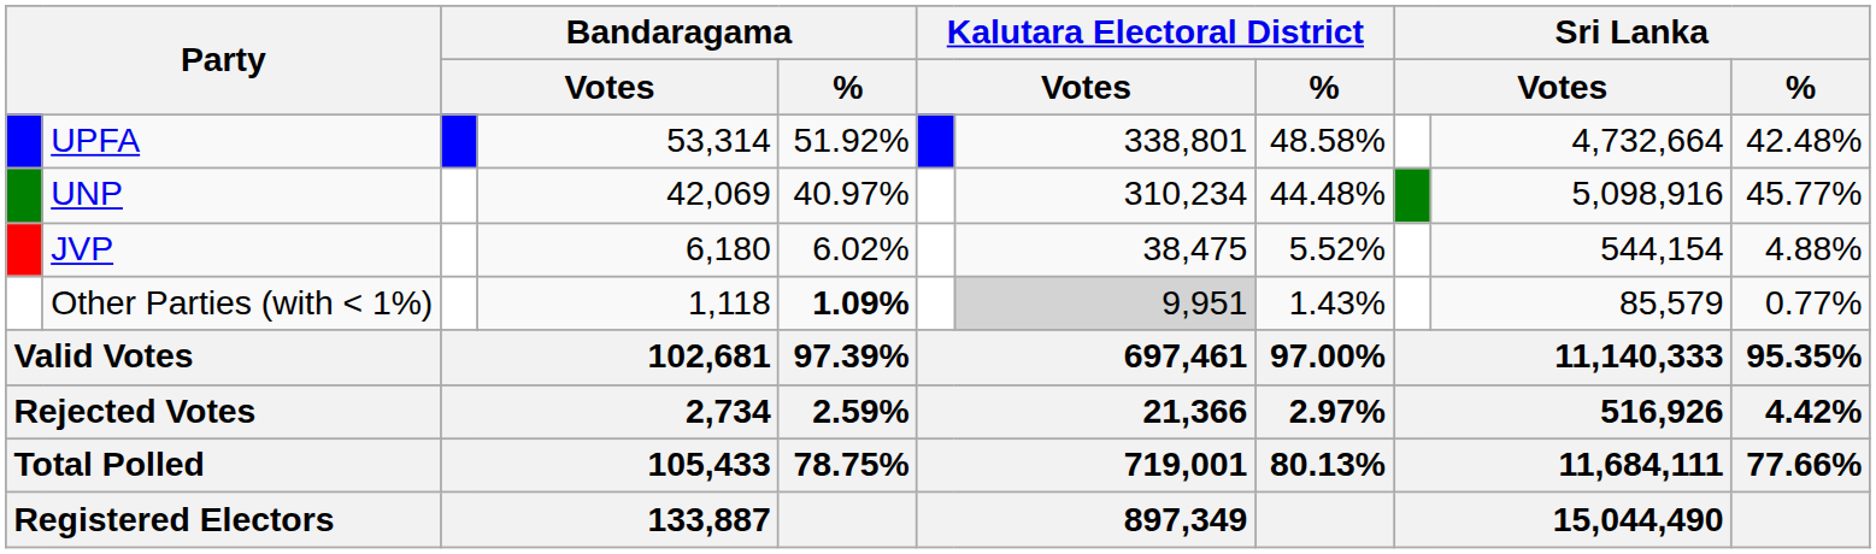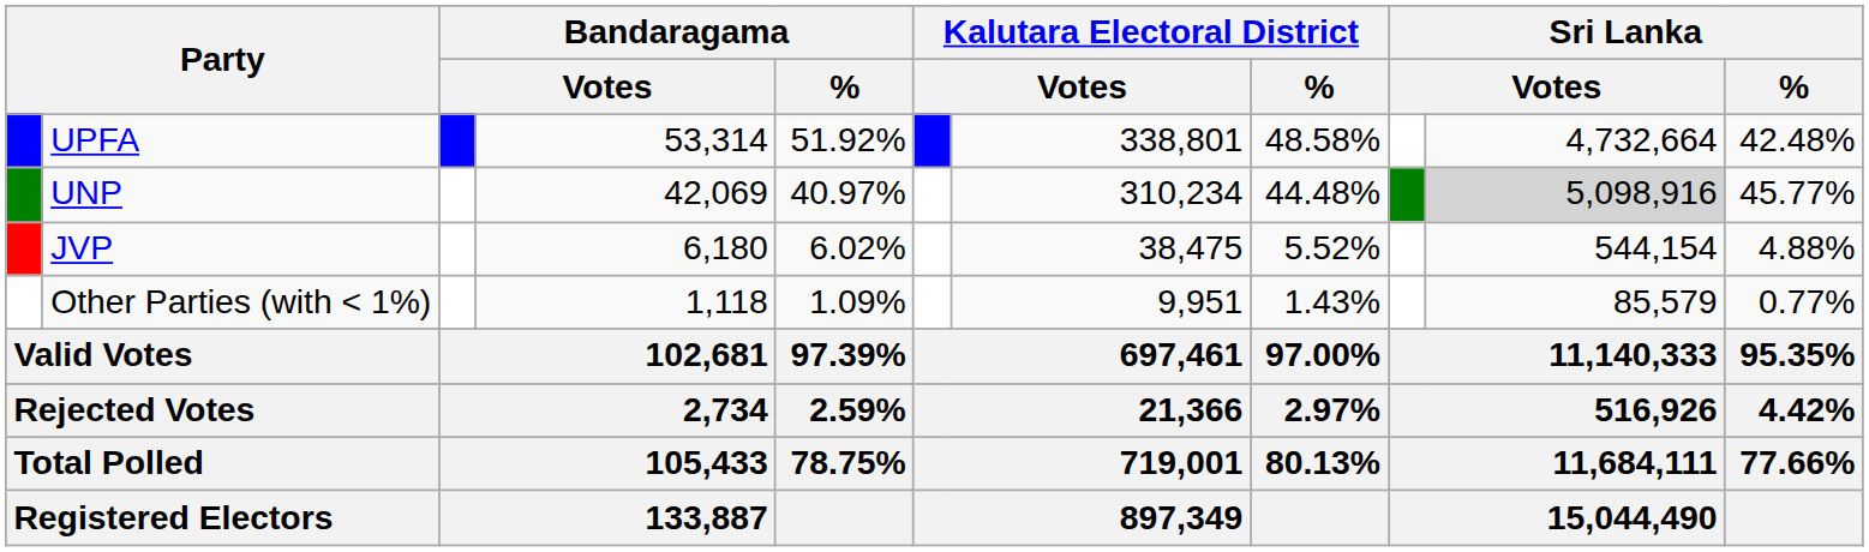 <table class="wikitable">
 <tr>
 <th colspan="2" width="144px"rowspan="2">Party</th>
 <th colspan="3" width="216px">Bandaragama</th>
 <th colspan="3" width="216px"><a href='#'>Kalutara Electoral District</a></th>
 <th colspan="3" width="216px">Sri Lanka</th>
 </tr>
 <tr>
 <th colspan="2" width="144px">Votes</th>
 <th>%</th>
 <th colspan="2" width="144px">Votes</th>
 <th>%</th>
 <th colspan="2" width="144px">Votes</th>
 <th>%</th>
 </tr>
 <tr>
 <td style="background-color:blue;" width="10px"></td>
 <td style="text-align:left;"><a href='#'>UPFA</a></td>
 <td style="background-color:blue;" width="10px"></td>
 <td style="text-align:right;">53,314</td>
 <td style="text-align:right;">51.92%</td>
 <td style="background-color:blue;" width="10px"></td>
 <td style="text-align:right;">338,801</td>
 <td style="text-align:right;">48.58%</td>
 <td style="background-color:white;" width="10px"></td>
 <td style="text-align:right;">4,732,664</td>
 <td style="text-align:right;">42.48%</td>
 </tr>
 <tr>
 <td style="background-color:green;" width="10px"></td>
 <td style="text-align:left;"><a href='#'>UNP</a></td>
 <td style="background-color:white;" width="10px"></td>
 <td style="text-align:right;">42,069</td>
 <td style="text-align:right;">40.97%</td>
 <td style="background-color:white;" width="10px"></td>
 <td style="text-align:right;">310,234</td>
 <td style="text-align:right;">44.48%</td>
 <td style="background-color:green;" width="10px"></td>
-<td style="text-align:right;">5,098,916</td>
+<td style="background: lightgrey; text-align:right;">5,098,916</td>
 <td style="text-align:right;">45.77%</td>
 </tr>
 <tr>
 <td style="background-color:red;" width="10px"></td>
 <td style="text-align:left;"><a href='#'>JVP</a></td>
 <td style="background-color:white;" width="10px"></td>
 <td style="text-align:right;">6,180</td>
 <td style="text-align:right;">6.02%</td>
 <td style="background-color:white;" width="10px"></td>
 <td style="text-align:right;">38,475</td>
 <td style="text-align:right;">5.52%</td>
 <td style="background-color:white;" width="10px"></td>
 <td style="text-align:right;">544,154</td>
 <td style="text-align:right;">4.88%</td>
 </tr>
 <tr>
 <td style="background-color:white;" width="10px"></td>
 <td style="text-align:left;">Other Parties (with < 1%)</td>
 <td style="background-color:white;" width="10px"></td>
 <td style="text-align:right;">1,118</td>
-<td style="text-align:right;"><strong>1.09%</strong></td>
+<td style="text-align:right;">1.09%</td>
 <td style="background-color:white;" width="10px"></td>
-<td style="background: lightgrey; text-align:right;">9,951</td>
+<td style="text-align:right;">9,951</td>
 <td style="text-align:right;">1.43%</td>
 <td style="background-color:white;" width="10px"></td>
 <td style="text-align:right;">85,579</td>
 <td style="text-align:right;">0.77%</td>
 </tr>
 <tr>
 <th colspan="2" width="144px"style="text-align:left;">Valid Votes</th>
 <th style="text-align:right;"colspan="2" width="144px">102,681</th>
 <th style="text-align:right;">97.39%</th>
 <th style="text-align:right;"colspan="2" width="144px">697,461</th>
 <th style="text-align:right;">97.00%</th>
 <th style="text-align:right;"colspan="2" width="144px">11,140,333</th>
 <th style="text-align:right;">95.35%</th>
 </tr>
 <tr>
 <th colspan="2" width="144px"style="text-align:left;">Rejected Votes</th>
 <th style="text-align:right;"colspan="2" width="144px">2,734</th>
 <th style="text-align:right;">2.59%</th>
 <th style="text-align:right;"colspan="2" width="144px">21,366</th>
 <th style="text-align:right;">2.97%</th>
 <th style="text-align:right;"colspan="2" width="144px">516,926</th>
 <th style="text-align:right;">4.42%</th>
 </tr>
 <tr>
 <th colspan="2" width="144px"style="text-align:left;">Total Polled</th>
 <th style="text-align:right;"colspan="2" width="144px">105,433</th>
 <th style="text-align:right;">78.75%</th>
 <th style="text-align:right;"colspan="2" width="144px">719,001</th>
 <th style="text-align:right;">80.13%</th>
 <th style="text-align:right;"colspan="2" width="144px">11,684,111</th>
 <th style="text-align:right;">77.66%</th>
 </tr>
 <tr>
 <th colspan="2" width="144px"style="text-align:left;">Registered Electors</th>
 <th style="text-align:right;"colspan="2" width="144px">133,887</th>
 <th></th>
 <th style="text-align:right;"colspan="2" width="144px">897,349</th>
 <th></th>
 <th style="text-align:right;"colspan="2" width="144px">15,044,490</th>
 <th></th>
 </tr>
 </table>
